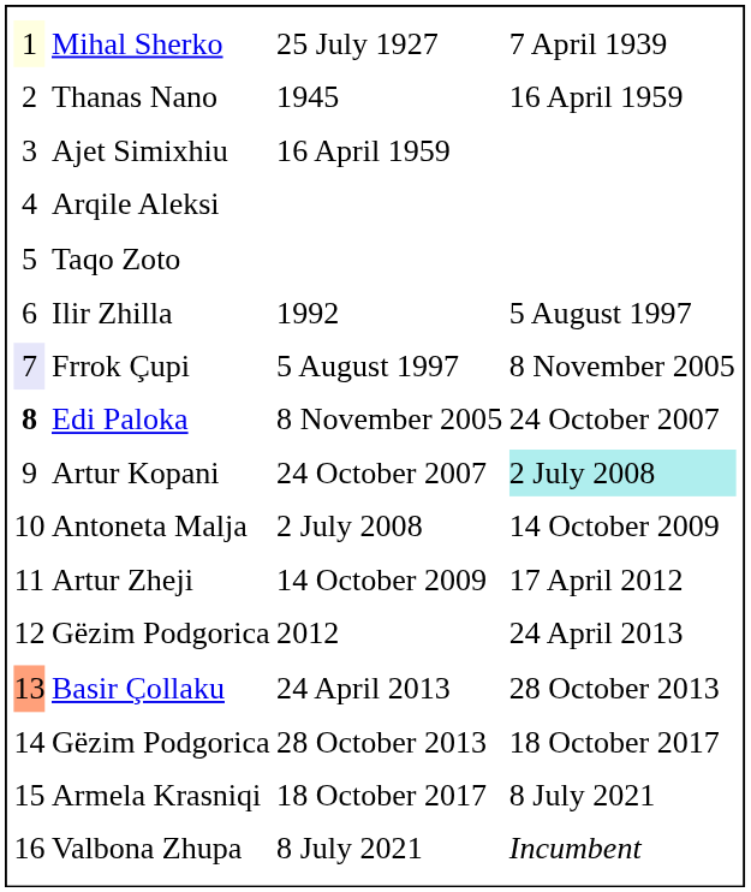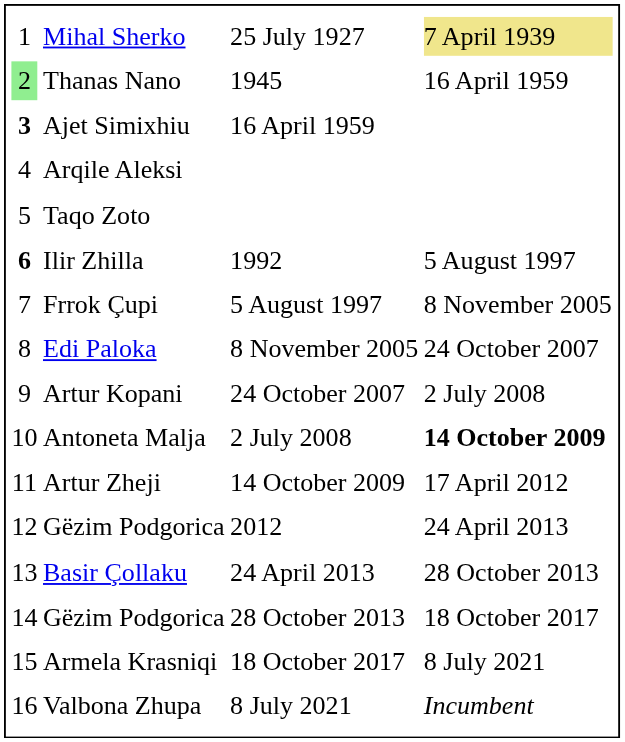 <table cellpadding="0" cellspacing="3" style="border:1px solid #000000; font-size:88%; line-height: 1.5em;">
 <tr>
 <td><strong></strong></td>
 <td><strong></strong></td>
 <td colspan="2"></td>
 </tr>
 <tr>
-<td align="center" style="background: lightyellow;">1</td>
+<td align="center">1</td>
 <td><a href='#'>Mihal Sherko</a></td>
 <td>25 July 1927</td>
-<td>7 April 1939</td>
+<td style="background: khaki;">7 April 1939</td>
 </tr>
 <tr>
-<td align="center">2</td>
+<td align="center" style="background: lightgreen;">2</td>
 <td>Thanas Nano</td>
 <td>1945</td>
 <td>16 April 1959</td>
 </tr>
 <tr>
-<td align="center">3</td>
+<td align="center"><strong>3</strong></td>
 <td>Ajet Simixhiu</td>
 <td>16 April 1959</td>
 <td></td>
 </tr>
 <tr>
 <td align="center">4</td>
 <td>Arqile Aleksi</td>
 <td></td>
 <td></td>
 </tr>
 <tr>
 <td align="center">5</td>
 <td>Taqo Zoto</td>
 <td></td>
 <td></td>
 </tr>
 <tr>
-<td align="center">6</td>
+<td align="center"><strong>6</strong></td>
 <td>Ilir Zhilla</td>
 <td>1992</td>
 <td>5 August 1997</td>
 </tr>
 <tr>
-<td align="center" style="background: lavender;">7</td>
+<td align="center">7</td>
 <td>Frrok Çupi</td>
 <td>5 August 1997</td>
 <td>8 November 2005</td>
 </tr>
 <tr>
-<td align="center"><strong>8</strong></td>
+<td align="center">8</td>
 <td><a href='#'>Edi Paloka</a></td>
 <td>8 November 2005</td>
 <td>24 October 2007</td>
 </tr>
 <tr>
 <td align="center">9</td>
 <td>Artur Kopani</td>
 <td>24 October 2007</td>
-<td style="background: paleturquoise;">2 July 2008</td>
+<td>2 July 2008</td>
 </tr>
 <tr>
 <td align="center">10</td>
 <td>Antoneta Malja</td>
 <td>2 July 2008</td>
-<td>14 October 2009</td>
+<td><strong>14 October 2009</strong></td>
 </tr>
 <tr>
 <td align="center">11</td>
 <td>Artur Zheji</td>
 <td>14 October 2009</td>
 <td>17 April 2012</td>
 </tr>
 <tr>
 <td align="center">12</td>
 <td>Gëzim Podgorica</td>
 <td>2012</td>
 <td>24 April 2013</td>
 </tr>
 <tr>
-<td align="center" style="background: lightsalmon;">13</td>
+<td align="center">13</td>
 <td><a href='#'>Basir Çollaku</a></td>
 <td>24 April 2013</td>
 <td>28 October 2013</td>
 </tr>
 <tr>
 <td align="center">14</td>
 <td>Gëzim Podgorica</td>
 <td>28 October 2013</td>
 <td>18 October 2017</td>
 </tr>
 <tr>
 <td align="center">15</td>
 <td>Armela Krasniqi</td>
 <td>18 October 2017</td>
 <td>8 July 2021</td>
 </tr>
 <tr>
 <td align="center">16</td>
 <td>Valbona Zhupa</td>
 <td>8 July 2021</td>
 <td><em>Incumbent</em></td>
 </tr>
 <tr>
 </tr>
 </table>
